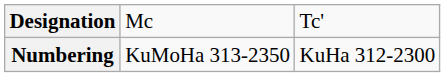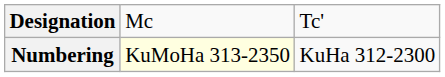 <table class="wikitable">
 <tr>
 <th>Designation</th>
 <td>Mc</td>
 <td>Tc'</td>
 </tr>
 <tr>
 <th>Numbering</th>
-<td>KuMoHa 313-2350</td>
+<td style="background: lightyellow;">KuMoHa 313-2350</td>
 <td>KuHa 312-2300</td>
 </tr>
 </table>
